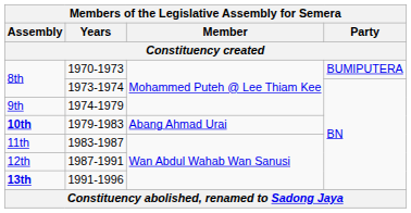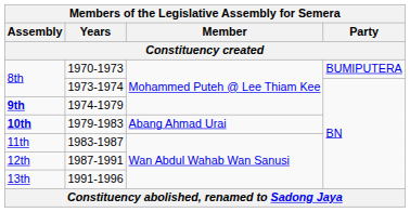 <table class=wikitable>
 <tr>
 <th colspan=5>Members of the Legislative Assembly for Semera</th>
 </tr>
 <tr>
 <th>Assembly</th>
 <th>Years</th>
 <th>Member</th>
 <th>Party</th>
 </tr>
 <tr>
 <th colspan=4 align=center><em>Constituency created</em></th>
 </tr>
 <tr>
 <td rowspan=2><a href='#'>8th</a></td>
 <td>1970-1973</td>
 <td rowspan=3><a href='#'>Mohammed Puteh @ Lee Thiam Kee</a></td>
 <td><a href='#'>BUMIPUTERA</a></td>
 </tr>
 <tr>
 <td>1973-1974</td>
 <td rowspan=6><a href='#'>BN</a></td>
 </tr>
 <tr>
-<td><a href='#'>9th</a></td>
+<td><strong><a href='#'>9th</a></strong></td>
 <td>1974-1979</td>
 </tr>
 <tr>
 <td><strong><a href='#'>10th</a></strong></td>
 <td>1979-1983</td>
 <td><a href='#'>Abang Ahmad Urai</a></td>
 </tr>
 <tr>
 <td><a href='#'>11th</a></td>
 <td>1983-1987</td>
 <td rowspan=3><a href='#'>Wan Abdul Wahab Wan Sanusi</a></td>
 </tr>
 <tr>
 <td><a href='#'>12th</a></td>
 <td>1987-1991</td>
 </tr>
 <tr>
-<td><strong><a href='#'>13th</a></strong></td>
+<td><a href='#'>13th</a></td>
 <td>1991-1996</td>
 </tr>
 <tr>
 <th colspan=4 align=center><em>Constituency abolished, renamed to <a href='#'>Sadong Jaya</a></em></th>
 </tr>
 </table>
